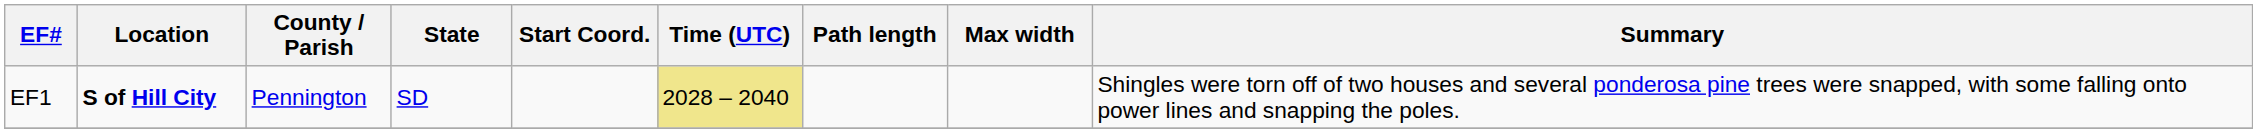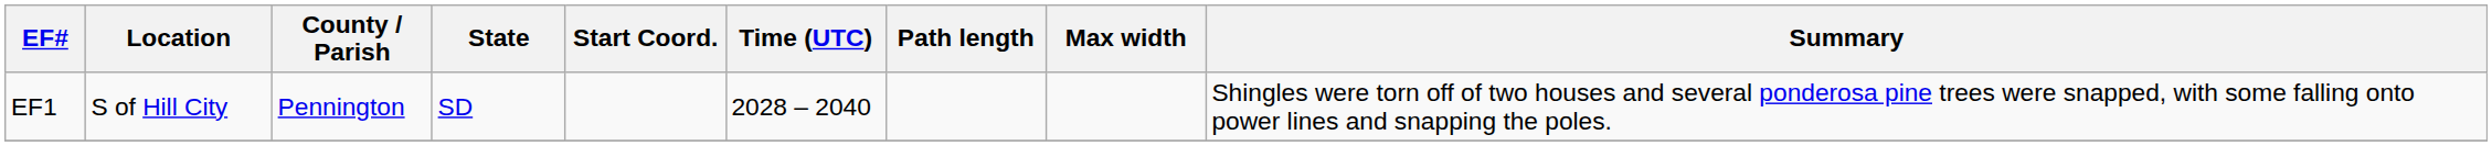 <table class="wikitable sortable" style="width:100%;">
 <tr>
 <th scope="col" width="3%" align="center"><a href='#'>EF#</a></th>
 <th scope="col" width="7%" align="center" class="unsortable">Location</th>
 <th scope="col" width="6%" align="center" class="unsortable">County / Parish</th>
 <th scope="col" width="5%" align="center">State</th>
 <th scope="col" width="6%" align="center">Start Coord.</th>
 <th scope="col" width="6%" align="center">Time (<a href='#'>UTC</a>)</th>
 <th scope="col" width="6%" align="center">Path length</th>
 <th scope="col" width="6%" align="center">Max width</th>
 <th scope="col" width="48%" class="unsortable" align="center">Summary</th>
 </tr>
 <tr>
 <td>EF1</td>
-<td><strong>S of <a href='#'>Hill City</a></strong></td>
+<td>S of <a href='#'>Hill City</a></td>
 <td><a href='#'>Pennington</a></td>
 <td><a href='#'>SD</a></td>
 <td></td>
-<td style="background: khaki;">2028 – 2040</td>
+<td>2028 – 2040</td>
 <td></td>
 <td></td>
 <td>Shingles were torn off of two houses and several <a href='#'>ponderosa pine</a> trees were snapped, with some falling onto power lines and snapping the poles.</td>
 </tr>
 <tr>
 </tr>
 </table>
